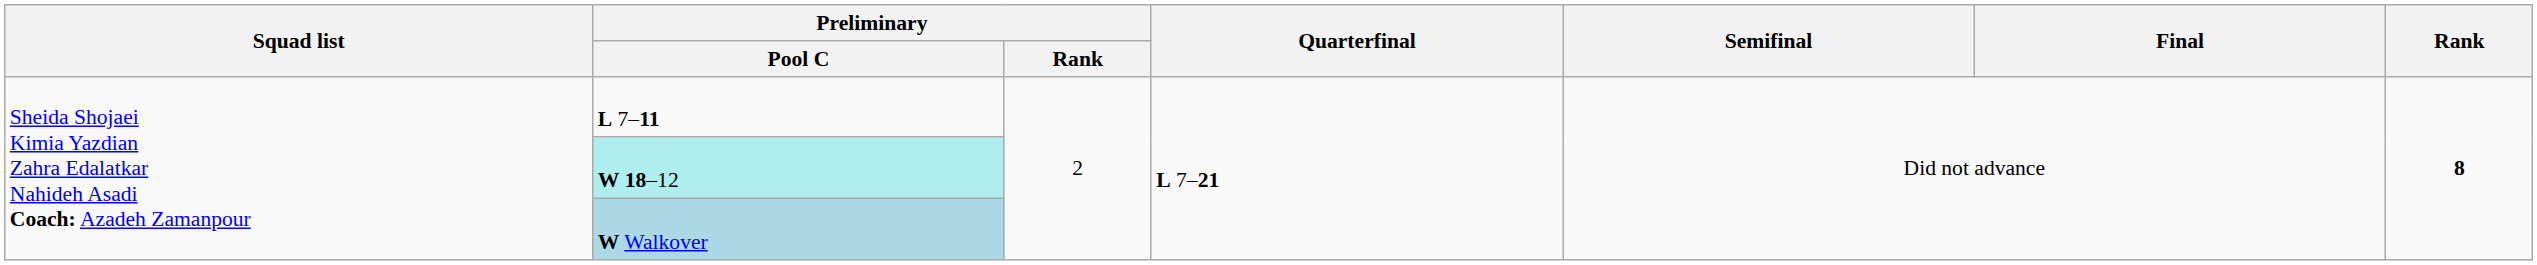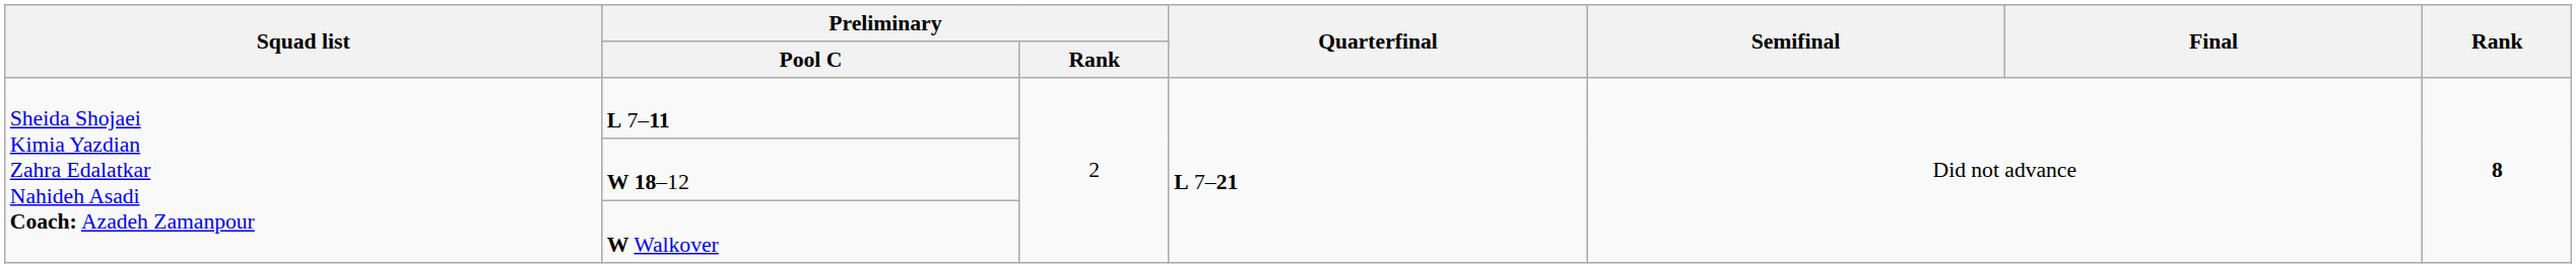 <table class="wikitable" width="85%" style="text-align:left; font-size:90%">
 <tr>
 <th rowspan="2" width="20%">Squad list</th>
 <th colspan="2">Preliminary</th>
 <th rowspan="2" width="14%">Quarterfinal</th>
 <th rowspan="2" width="14%">Semifinal</th>
 <th rowspan="2" width="14%">Final</th>
 <th rowspan="2" width="5%">Rank</th>
 </tr>
 <tr>
 <th width="14%">Pool C</th>
 <th width="5%">Rank</th>
 </tr>
 <tr>
 <td rowspan="3"><a href='#'>Sheida Shojaei</a><br><a href='#'>Kimia Yazdian</a><br><a href='#'>Zahra Edalatkar</a><br><a href='#'>Nahideh Asadi</a><br> <strong>Coach:</strong> <a href='#'>Azadeh Zamanpour</a></td>
 <td><br><strong>L</strong> 7–<strong>11</strong></td>
 <td rowspan="3" align=center>2 <strong></strong></td>
 <td rowspan="3"><br><strong>L</strong> 7–<strong>21</strong></td>
 <td rowspan=3 colspan=2 align=center>Did not advance</td>
 <td rowspan="3" align="center"><strong>8</strong></td>
 </tr>
 <tr>
-<td style="background: paleturquoise;"><br><strong>W</strong> <strong>18</strong>–12</td>
+<td><br><strong>W</strong> <strong>18</strong>–12</td>
 </tr>
 <tr>
-<td style="background: lightblue;"><br><strong>W</strong> <a href='#'>Walkover</a></td>
+<td><br><strong>W</strong> <a href='#'>Walkover</a></td>
 </tr>
 </table>
